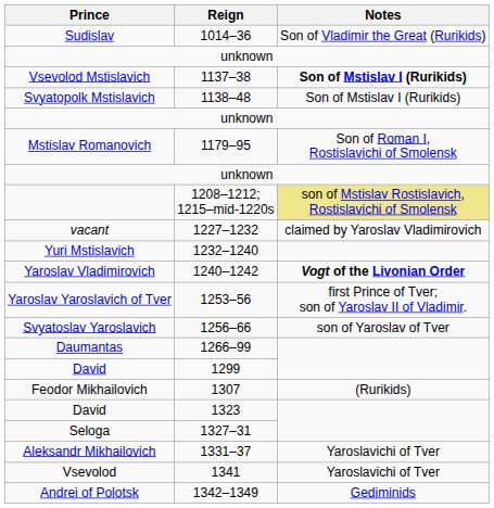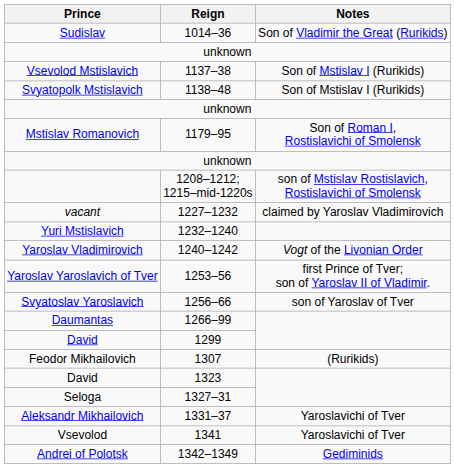 <table class="wikitable sortable" style="text-align:center">
 <tr>
 <th>Prince</th>
 <th>Reign</th>
 <th>Notes</th>
 </tr>
 <tr>
 <td><a href='#'>Sudislav</a></td>
 <td>1014–36</td>
 <td>Son of <a href='#'>Vladimir the Great</a> (<a href='#'>Rurikids</a>)</td>
 </tr>
 <tr>
 <td colspan=5>unknown</td>
 </tr>
 <tr>
 <td><a href='#'>Vsevolod Mstislavich</a></td>
 <td>1137–38</td>
-<td><strong>Son of <a href='#'>Mstislav I</a> (Rurikids)</strong></td>
+<td>Son of <a href='#'>Mstislav I</a> (Rurikids)</td>
 </tr>
 <tr>
 <td><a href='#'>Svyatopolk Mstislavich</a></td>
 <td>1138–48</td>
 <td>Son of Mstislav I (Rurikids)</td>
 </tr>
 <tr>
 <td colspan=5>unknown</td>
 </tr>
 <tr>
 <td><a href='#'>Mstislav Romanovich</a></td>
 <td>1179–95</td>
 <td>Son of <a href='#'>Roman I</a>,<br><a href='#'>Rostislavichi of Smolensk</a></td>
 </tr>
 <tr>
 <td colspan=5>unknown</td>
 </tr>
 <tr>
 <td></td>
 <td>1208–1212;<br>1215–mid-1220s</td>
-<td style="background: khaki;">son of <a href='#'>Mstislav Rostislavich</a>,<br><a href='#'>Rostislavichi of Smolensk</a></td>
+<td>son of <a href='#'>Mstislav Rostislavich</a>,<br><a href='#'>Rostislavichi of Smolensk</a></td>
 </tr>
 <tr>
 <td><em>vacant</em></td>
 <td> 1227–1232</td>
 <td>claimed by Yaroslav Vladimirovich</td>
 </tr>
 <tr>
 <td><a href='#'>Yuri Mstislavich</a></td>
 <td>1232–1240</td>
 </tr>
 <tr>
 <td><a href='#'>Yaroslav Vladimirovich</a></td>
 <td>1240–1242</td>
-<td><strong><em>Vogt</em> of the <a href='#'>Livonian Order</a></strong></td>
+<td><em>Vogt</em> of the <a href='#'>Livonian Order</a></td>
 </tr>
 <tr>
 <td><a href='#'>Yaroslav Yaroslavich of Tver</a></td>
 <td>1253–56</td>
 <td>first Prince of Tver;<br>son of <a href='#'>Yaroslav II of Vladimir</a>.</td>
 </tr>
 <tr>
 <td><a href='#'>Svyatoslav Yaroslavich</a></td>
 <td>1256–66</td>
 <td>son of Yaroslav of Tver</td>
 </tr>
 <tr>
 <td><a href='#'>Daumantas</a></td>
 <td>1266–99</td>
 </tr>
 <tr>
 <td><a href='#'>David</a></td>
 <td>1299</td>
 </tr>
 <tr>
 <td>Feodor Mikhailovich</td>
 <td>1307</td>
 <td>(Rurikids)</td>
 </tr>
 <tr>
 <td>David</td>
 <td>1323</td>
 </tr>
 <tr>
 <td>Seloga</td>
 <td>1327–31</td>
 </tr>
 <tr>
 <td><a href='#'>Aleksandr Mikhailovich</a></td>
 <td>1331–37</td>
 <td>Yaroslavichi of Tver</td>
 </tr>
 <tr>
 <td>Vsevolod</td>
 <td>1341</td>
 <td>Yaroslavichi of Tver</td>
 </tr>
 <tr>
 <td><a href='#'>Andrei of Polotsk</a></td>
 <td>1342–1349</td>
 <td><a href='#'>Gediminids</a></td>
 </tr>
 </table>
